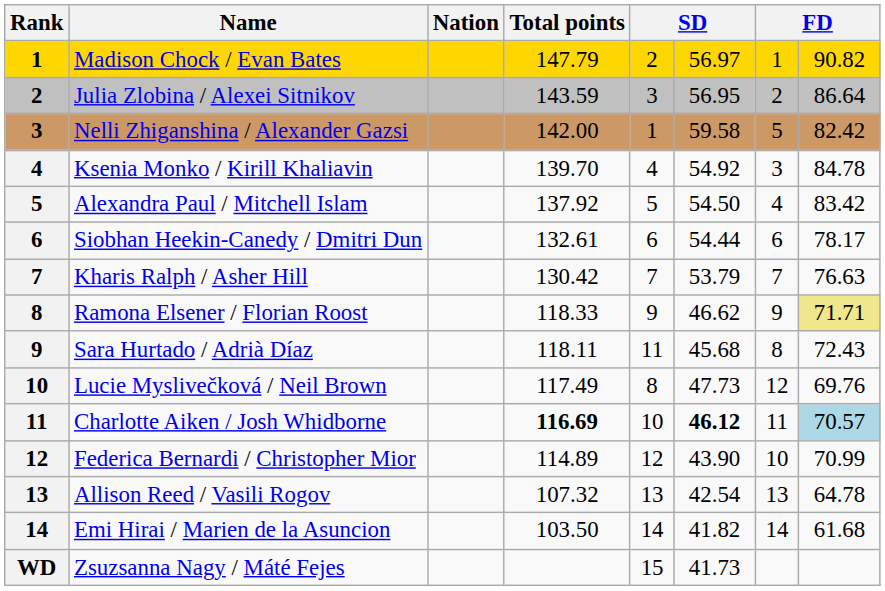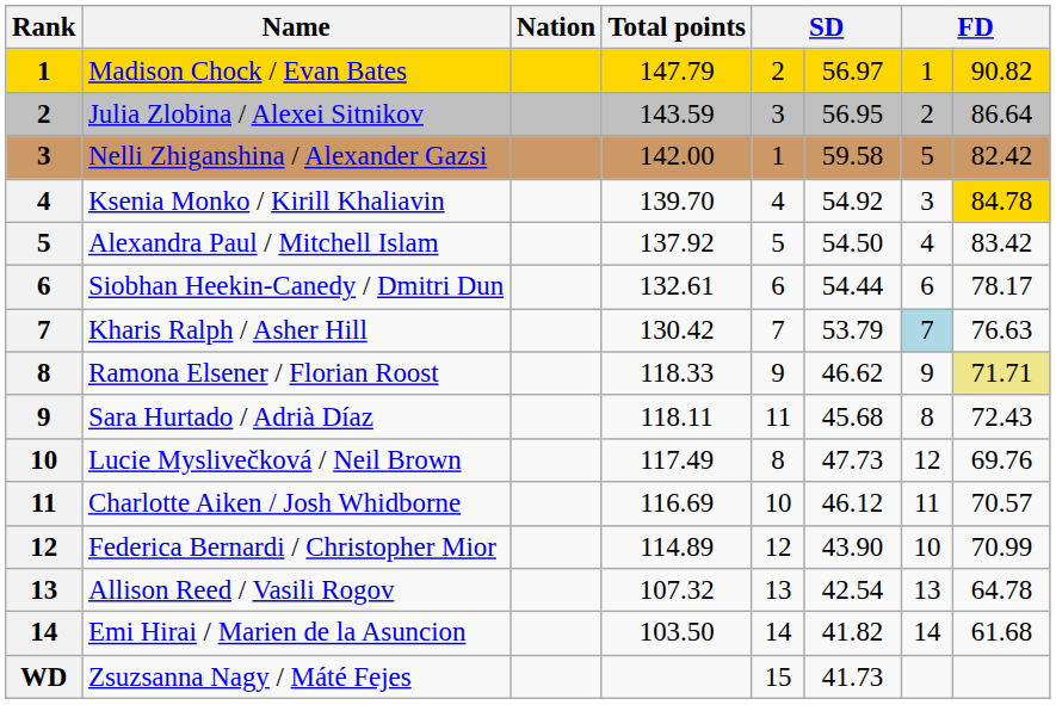 <table class="wikitable sortable">
 <tr>
 <th>Rank</th>
 <th>Name</th>
 <th>Nation</th>
 <th>Total points</th>
 <th colspan="2" width="80px"><a href='#'>SD</a></th>
 <th colspan="2" width="80px"><a href='#'>FD</a></th>
 </tr>
 <tr bgcolor="gold">
 <td align="center"><strong>1</strong></td>
 <td><a href='#'>Madison Chock</a> / <a href='#'>Evan Bates</a></td>
 <td></td>
 <td align="center">147.79</td>
 <td align="center">2</td>
 <td align="center">56.97</td>
 <td align="center">1</td>
 <td align="center">90.82</td>
 </tr>
 <tr bgcolor="silver">
 <td align="center"><strong>2</strong></td>
 <td><a href='#'>Julia Zlobina</a> / <a href='#'>Alexei Sitnikov</a></td>
 <td></td>
 <td align="center">143.59</td>
 <td align="center">3</td>
 <td align="center">56.95</td>
 <td align="center">2</td>
 <td align="center">86.64</td>
 </tr>
 <tr bgcolor="cc9966">
 <td align="center"><strong>3</strong></td>
 <td><a href='#'>Nelli Zhiganshina</a> / <a href='#'>Alexander Gazsi</a></td>
 <td></td>
 <td align="center">142.00</td>
 <td align="center">1</td>
 <td align="center">59.58</td>
 <td align="center">5</td>
 <td align="center">82.42</td>
 </tr>
 <tr>
 <th>4</th>
 <td><a href='#'>Ksenia Monko</a> / <a href='#'>Kirill Khaliavin</a></td>
 <td></td>
 <td align="center">139.70</td>
 <td align="center">4</td>
 <td align="center">54.92</td>
 <td align="center">3</td>
-<td align="center">84.78</td>
+<td align="center" style="background: gold;">84.78</td>
 </tr>
 <tr>
 <th>5</th>
 <td><a href='#'>Alexandra Paul</a> / <a href='#'>Mitchell Islam</a></td>
 <td></td>
 <td align="center">137.92</td>
 <td align="center">5</td>
 <td align="center">54.50</td>
 <td align="center">4</td>
 <td align="center">83.42</td>
 </tr>
 <tr>
 <th>6</th>
 <td><a href='#'>Siobhan Heekin-Canedy</a> / <a href='#'>Dmitri Dun</a></td>
 <td></td>
 <td align="center">132.61</td>
 <td align="center">6</td>
 <td align="center">54.44</td>
 <td align="center">6</td>
 <td align="center">78.17</td>
 </tr>
 <tr>
 <th>7</th>
 <td><a href='#'>Kharis Ralph</a> / <a href='#'>Asher Hill</a></td>
 <td></td>
 <td align="center">130.42</td>
 <td align="center">7</td>
 <td align="center">53.79</td>
-<td align="center">7</td>
+<td align="center" style="background: lightblue;">7</td>
 <td align="center">76.63</td>
 </tr>
 <tr>
 <th>8</th>
 <td><a href='#'>Ramona Elsener</a> / <a href='#'>Florian Roost</a></td>
 <td></td>
 <td align="center">118.33</td>
 <td align="center">9</td>
 <td align="center">46.62</td>
 <td align="center">9</td>
 <td align="center" style="background: khaki;">71.71</td>
 </tr>
 <tr>
 <th>9</th>
 <td><a href='#'>Sara Hurtado</a> / <a href='#'>Adrià Díaz</a></td>
 <td></td>
 <td align="center">118.11</td>
 <td align="center">11</td>
 <td align="center">45.68</td>
 <td align="center">8</td>
 <td align="center">72.43</td>
 </tr>
 <tr>
 <th>10</th>
 <td><a href='#'>Lucie Myslivečková</a> / <a href='#'>Neil Brown</a></td>
 <td></td>
 <td align="center">117.49</td>
 <td align="center">8</td>
 <td align="center">47.73</td>
 <td align="center">12</td>
 <td align="center">69.76</td>
 </tr>
 <tr>
 <th>11</th>
 <td><a href='#'>Charlotte Aiken / Josh Whidborne</a></td>
 <td></td>
-<td align="center"><strong>116.69</strong></td>
+<td align="center">116.69</td>
 <td align="center">10</td>
-<td align="center"><strong>46.12</strong></td>
+<td align="center">46.12</td>
 <td align="center">11</td>
-<td align="center" style="background: lightblue;">70.57</td>
+<td align="center">70.57</td>
 </tr>
 <tr>
 <th>12</th>
 <td><a href='#'>Federica Bernardi</a> / <a href='#'>Christopher Mior</a></td>
 <td></td>
 <td align="center">114.89</td>
 <td align="center">12</td>
 <td align="center">43.90</td>
 <td align="center">10</td>
 <td align="center">70.99</td>
 </tr>
 <tr>
 <th>13</th>
 <td><a href='#'>Allison Reed</a> / <a href='#'>Vasili Rogov</a></td>
 <td></td>
 <td align="center">107.32</td>
 <td align="center">13</td>
 <td align="center">42.54</td>
 <td align="center">13</td>
 <td align="center">64.78</td>
 </tr>
 <tr>
 <th>14</th>
 <td><a href='#'>Emi Hirai</a> / <a href='#'>Marien de la Asuncion</a></td>
 <td></td>
 <td align="center">103.50</td>
 <td align="center">14</td>
 <td align="center">41.82</td>
 <td align="center">14</td>
 <td align="center">61.68</td>
 </tr>
 <tr>
 <th>WD</th>
 <td><a href='#'>Zsuzsanna Nagy</a> / <a href='#'>Máté Fejes</a></td>
 <td></td>
 <td align="center"></td>
 <td align="center">15</td>
 <td align="center">41.73</td>
 <td align="center"></td>
 <td align="center"></td>
 </tr>
 </table>
